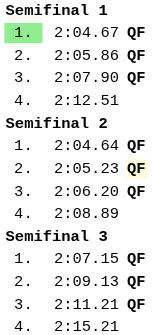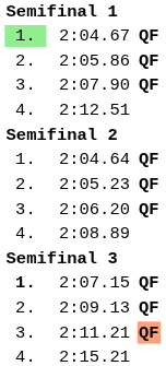 <table style="text-align:center">
 <tr>
 <td colspan=4 align=left><strong>Semifinal 1</strong></td>
 </tr>
 <tr>
 <td width=30 style="background: lightgreen;">1.</td>
 <td align=left></td>
 <td width=60>2:04.67</td>
 <td><strong>QF</strong></td>
 </tr>
 <tr>
 <td>2.</td>
 <td align=left></td>
 <td>2:05.86</td>
 <td><strong>QF</strong></td>
 </tr>
 <tr>
 <td>3.</td>
 <td align=left></td>
 <td>2:07.90</td>
 <td><strong>QF</strong></td>
 </tr>
 <tr>
 <td>4.</td>
 <td align=left></td>
 <td>2:12.51</td>
 <td></td>
 </tr>
 <tr>
 <td colspan=4 align=left><strong>Semifinal 2</strong></td>
 </tr>
 <tr>
 <td width=30>1.</td>
 <td align=left></td>
 <td width=60>2:04.64</td>
 <td><strong>QF</strong></td>
 </tr>
 <tr>
 <td>2.</td>
 <td align=left></td>
 <td>2:05.23</td>
-<td style="background: lightyellow;"><strong>QF</strong></td>
+<td><strong>QF</strong></td>
 </tr>
 <tr>
 <td>3.</td>
 <td align=left></td>
 <td>2:06.20</td>
 <td><strong>QF</strong></td>
 </tr>
 <tr>
 <td>4.</td>
 <td align=left></td>
 <td>2:08.89</td>
 <td></td>
 </tr>
 <tr>
 <td colspan=4 align=left><strong>Semifinal 3</strong></td>
 </tr>
 <tr>
-<td width=30>1.</td>
+<td width=30><strong>1.</strong></td>
 <td align=left></td>
 <td width=60>2:07.15</td>
 <td><strong>QF</strong></td>
 </tr>
 <tr>
 <td>2.</td>
 <td align=left></td>
 <td>2:09.13</td>
 <td><strong>QF</strong></td>
 </tr>
 <tr>
 <td>3.</td>
 <td align=left></td>
 <td>2:11.21</td>
-<td><strong>QF</strong></td>
+<td style="background: lightsalmon;"><strong>QF</strong></td>
 </tr>
 <tr>
 <td>4.</td>
 <td align=left></td>
 <td>2:15.21</td>
 <td></td>
 </tr>
 </table>
